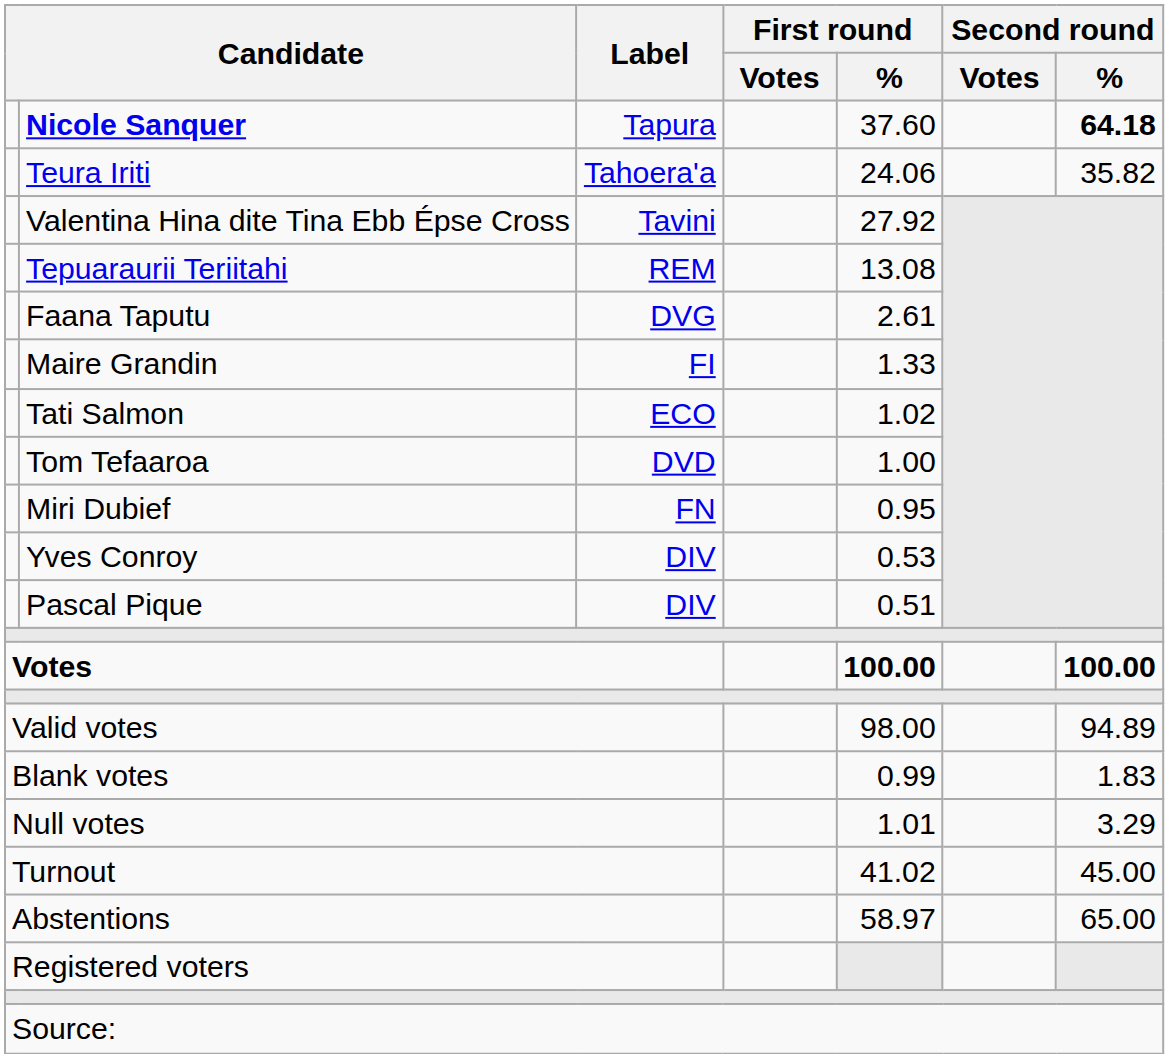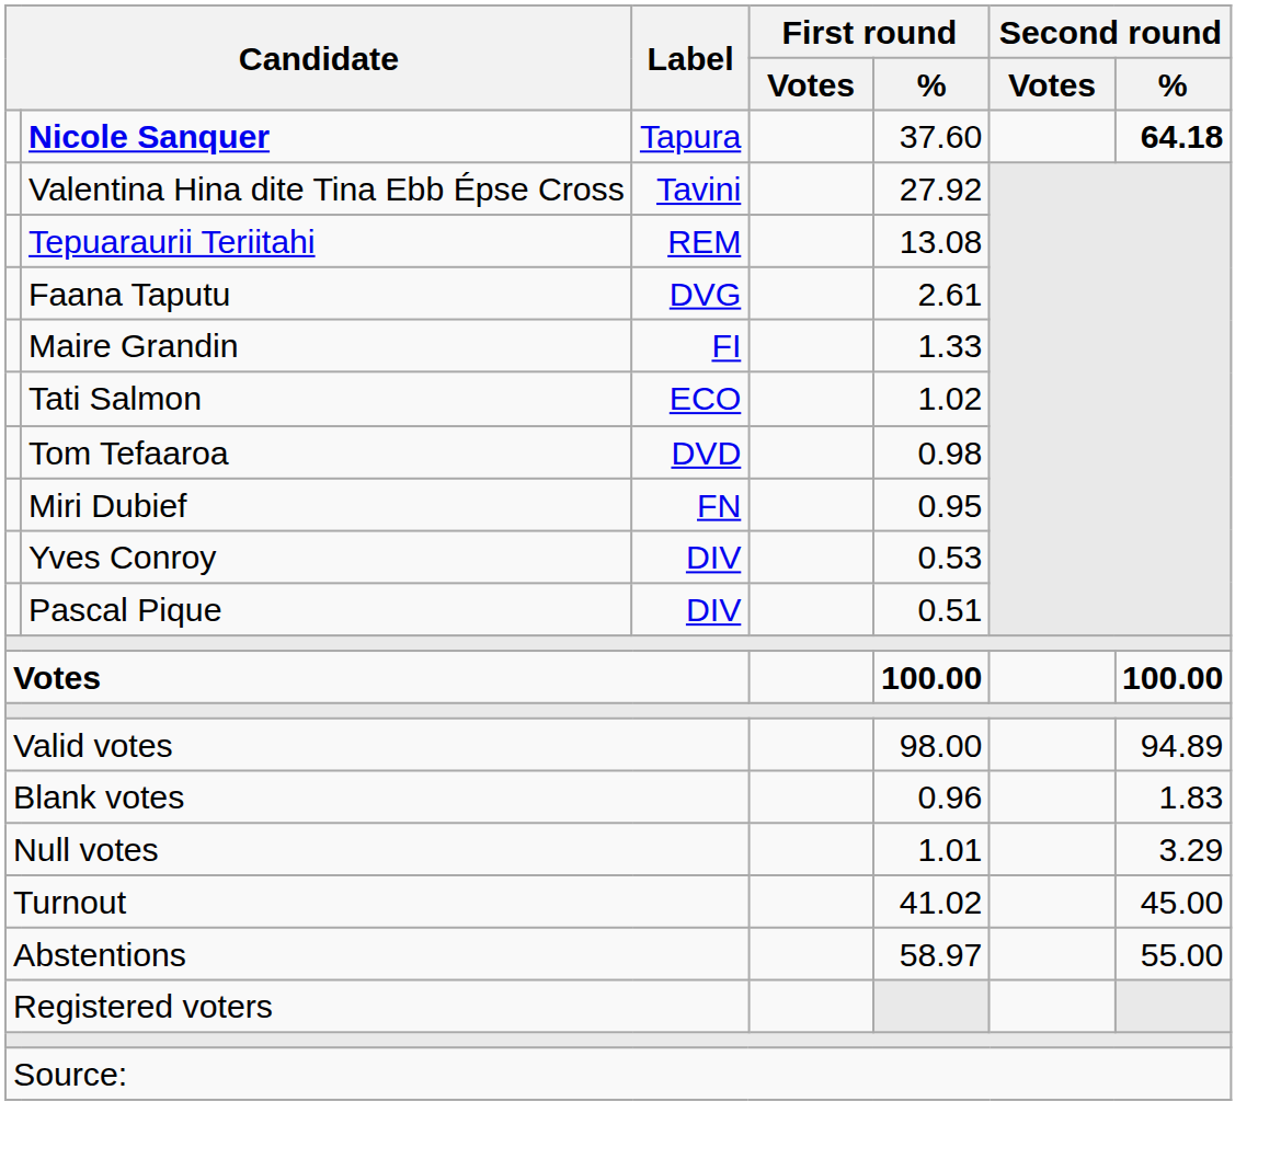 <table class="wikitable" style="text-align:right;font-size:95%;">
 <tr>
 <th rowspan="2" colspan="2">Candidate</th>
 <th rowspan="2">Label</th>
 <th colspan="2">First round</th>
 <th colspan="2">Second round</th>
 </tr>
 <tr>
 <th style="width:50px;">Votes</th>
 <th style="width:45px;">%</th>
 <th style="width:50px;">Votes</th>
 <th style="width:45px;">%</th>
 </tr>
 <tr>
 <td style="color:inherit;background:"></td>
 <td style="text-align:left;"><strong><a href='#'>Nicole Sanquer</a></strong></td>
 <td><a href='#'>Tapura</a></td>
 <td></td>
 <td>37.60</td>
 <td><strong></strong></td>
 <td><strong>64.18</strong></td>
-</tr>
-<tr>
-<td style="color:inherit;background:"></td>
-<td style="text-align:left;"><a href='#'>Teura Iriti</a></td>
-<td><a href='#'>Tahoera'a</a></td>
-<td></td>
-<td>24.06</td>
-<td></td>
-<td>35.82</td>
 </tr>
 <tr>
 <td style="color:inherit;background:"></td>
 <td style="text-align:left;">Valentina Hina dite Tina Ebb Épse Cross</td>
 <td><a href='#'>Tavini</a></td>
 <td></td>
 <td>27.92</td>
 <td colspan="2" rowspan="9" style="background:#E9E9E9;"></td>
 </tr>
 <tr>
 <td style="color:inherit;background:"></td>
 <td style="text-align:left;"><a href='#'>Tepuaraurii Teriitahi</a></td>
 <td><a href='#'>REM</a></td>
 <td></td>
 <td>13.08</td>
 </tr>
 <tr>
 <td style="color:inherit;background:"></td>
 <td style="text-align:left;">Faana Taputu</td>
 <td><a href='#'>DVG</a></td>
 <td></td>
 <td>2.61</td>
 </tr>
 <tr>
 <td style="color:inherit;background:"></td>
 <td style="text-align:left;">Maire Grandin</td>
 <td><a href='#'>FI</a></td>
 <td></td>
 <td>1.33</td>
 </tr>
 <tr>
 <td style="color:inherit;background:"></td>
 <td style="text-align:left;">Tati Salmon</td>
 <td><a href='#'>ECO</a></td>
 <td></td>
 <td>1.02</td>
 </tr>
 <tr>
 <td style="color:inherit;background:"></td>
 <td style="text-align:left;">Tom Tefaaroa</td>
 <td><a href='#'>DVD</a></td>
 <td></td>
-<td>1.00</td>
+<td>0.98</td>
 </tr>
 <tr>
 <td style="color:inherit;background:"></td>
 <td style="text-align:left;">Miri Dubief</td>
 <td><a href='#'>FN</a></td>
 <td></td>
 <td>0.95</td>
 </tr>
 <tr>
 <td style="color:inherit;background:"></td>
 <td style="text-align:left;">Yves Conroy</td>
 <td><a href='#'>DIV</a></td>
 <td></td>
 <td>0.53</td>
 </tr>
 <tr>
 <td style="color:inherit;background:"></td>
 <td style="text-align:left;">Pascal Pique</td>
 <td><a href='#'>DIV</a></td>
 <td></td>
 <td>0.51</td>
 </tr>
 <tr>
 <td colspan="7" style="background:#E9E9E9;"></td>
 </tr>
 <tr style="font-weight:bold;">
 <td colspan="3" style="text-align:left;">Votes</td>
 <td></td>
 <td>100.00</td>
 <td></td>
 <td>100.00</td>
 </tr>
 <tr>
 <td colspan="7" style="background:#E9E9E9;"></td>
 </tr>
 <tr>
 <td colspan="3" style="text-align:left;">Valid votes</td>
 <td></td>
 <td>98.00</td>
 <td></td>
 <td>94.89</td>
 </tr>
 <tr>
 <td colspan="3" style="text-align:left;">Blank votes</td>
 <td></td>
-<td>0.99</td>
+<td>0.96</td>
 <td></td>
 <td>1.83</td>
 </tr>
 <tr>
 <td colspan="3" style="text-align:left;">Null votes</td>
 <td></td>
 <td>1.01</td>
 <td></td>
 <td>3.29</td>
 </tr>
 <tr>
 <td colspan="3" style="text-align:left;">Turnout</td>
 <td></td>
 <td>41.02</td>
 <td></td>
 <td>45.00</td>
 </tr>
 <tr>
 <td colspan="3" style="text-align:left;">Abstentions</td>
 <td></td>
 <td>58.97</td>
 <td></td>
-<td>65.00</td>
+<td>55.00</td>
 </tr>
 <tr>
 <td colspan="3" style="text-align:left;">Registered voters</td>
 <td></td>
 <td style="background:#E9E9E9;"></td>
 <td></td>
 <td style="background:#E9E9E9;"></td>
 </tr>
 <tr>
 <td colspan="7" style="background:#E9E9E9;"></td>
 </tr>
 <tr>
 <td colspan="7" style="text-align:left;">Source: </td>
 </tr>
 </table>
